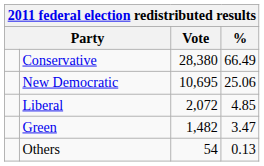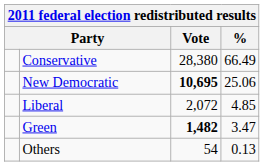 <table class="wikitable">
 <tr>
 <th colspan="4"><a href='#'>2011 federal election</a> redistributed results</th>
 </tr>
 <tr>
 <th bgcolor="#DDDDFF" width="130px" colspan="2">Party</th>
 <th bgcolor="#DDDDFF" width="50px">Vote</th>
 <th bgcolor="#DDDDFF" width="30px">%</th>
 </tr>
 <tr>
 <td> </td>
 <td><a href='#'>Conservative</a></td>
 <td align=right>28,380</td>
 <td align=right>66.49</td>
 </tr>
 <tr>
 <td> </td>
 <td><a href='#'>New Democratic</a></td>
-<td align=right>10,695</td>
+<td align=right><strong>10,695</strong></td>
 <td align=right>25.06</td>
 </tr>
 <tr>
 <td> </td>
 <td><a href='#'>Liberal</a></td>
 <td align=right>2,072</td>
 <td align=right>4.85</td>
 </tr>
 <tr>
 <td> </td>
 <td><a href='#'>Green</a></td>
-<td align=right>1,482</td>
+<td align=right><strong>1,482</strong></td>
 <td align=right>3.47</td>
 </tr>
 <tr>
 <td> </td>
 <td>Others</td>
 <td align=right>54</td>
 <td align=right>0.13</td>
 </tr>
 </table>
